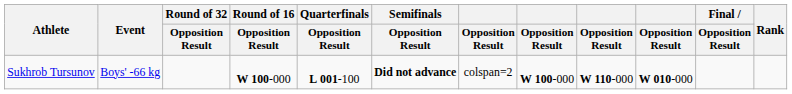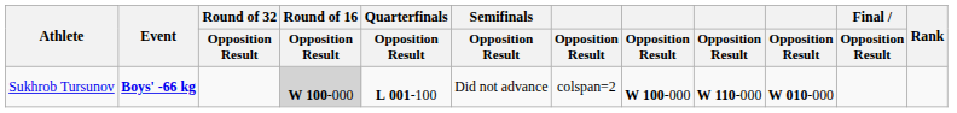 <table class="wikitable" style="font-size:90%">
 <tr>
 <th rowspan="2">Athlete</th>
 <th rowspan="2">Event</th>
 <th>Round of 32</th>
 <th>Round of 16</th>
 <th>Quarterfinals</th>
 <th>Semifinals</th>
 <th></th>
 <th></th>
 <th></th>
 <th></th>
 <th>Final / </th>
 <th rowspan=2>Rank</th>
 </tr>
 <tr style="font-size:95%">
 <th>Opposition<br>Result</th>
 <th>Opposition<br>Result</th>
 <th>Opposition<br>Result</th>
 <th>Opposition<br>Result</th>
 <th>Opposition<br>Result</th>
 <th>Opposition<br>Result</th>
 <th>Opposition<br>Result</th>
 <th>Opposition<br>Result</th>
 <th>Opposition<br>Result</th>
 </tr>
 <tr align=center>
 <td align=left><a href='#'>Sukhrob Tursunov</a></td>
-<td align=left><a href='#'>Boys' -66 kg</a></td>
+<td align=left><strong><a href='#'>Boys' -66 kg</a></strong></td>
 <td></td>
-<td><br><strong>W</strong> <strong>100</strong>-000</td>
+<td style="background: lightgrey;"><br><strong>W</strong> <strong>100</strong>-000</td>
 <td><br><strong>L</strong> <strong>001</strong>-100</td>
-<td><strong>Did not advance</strong></td>
+<td>Did not advance</td>
 <td>colspan=2 </td>
 <td><br><strong>W</strong> <strong>100</strong>-000</td>
 <td><br><strong>W</strong> <strong>110</strong>-000</td>
 <td><br><strong>W</strong> <strong>010</strong>-000</td>
 <td></td>
 </tr>
 </table>
